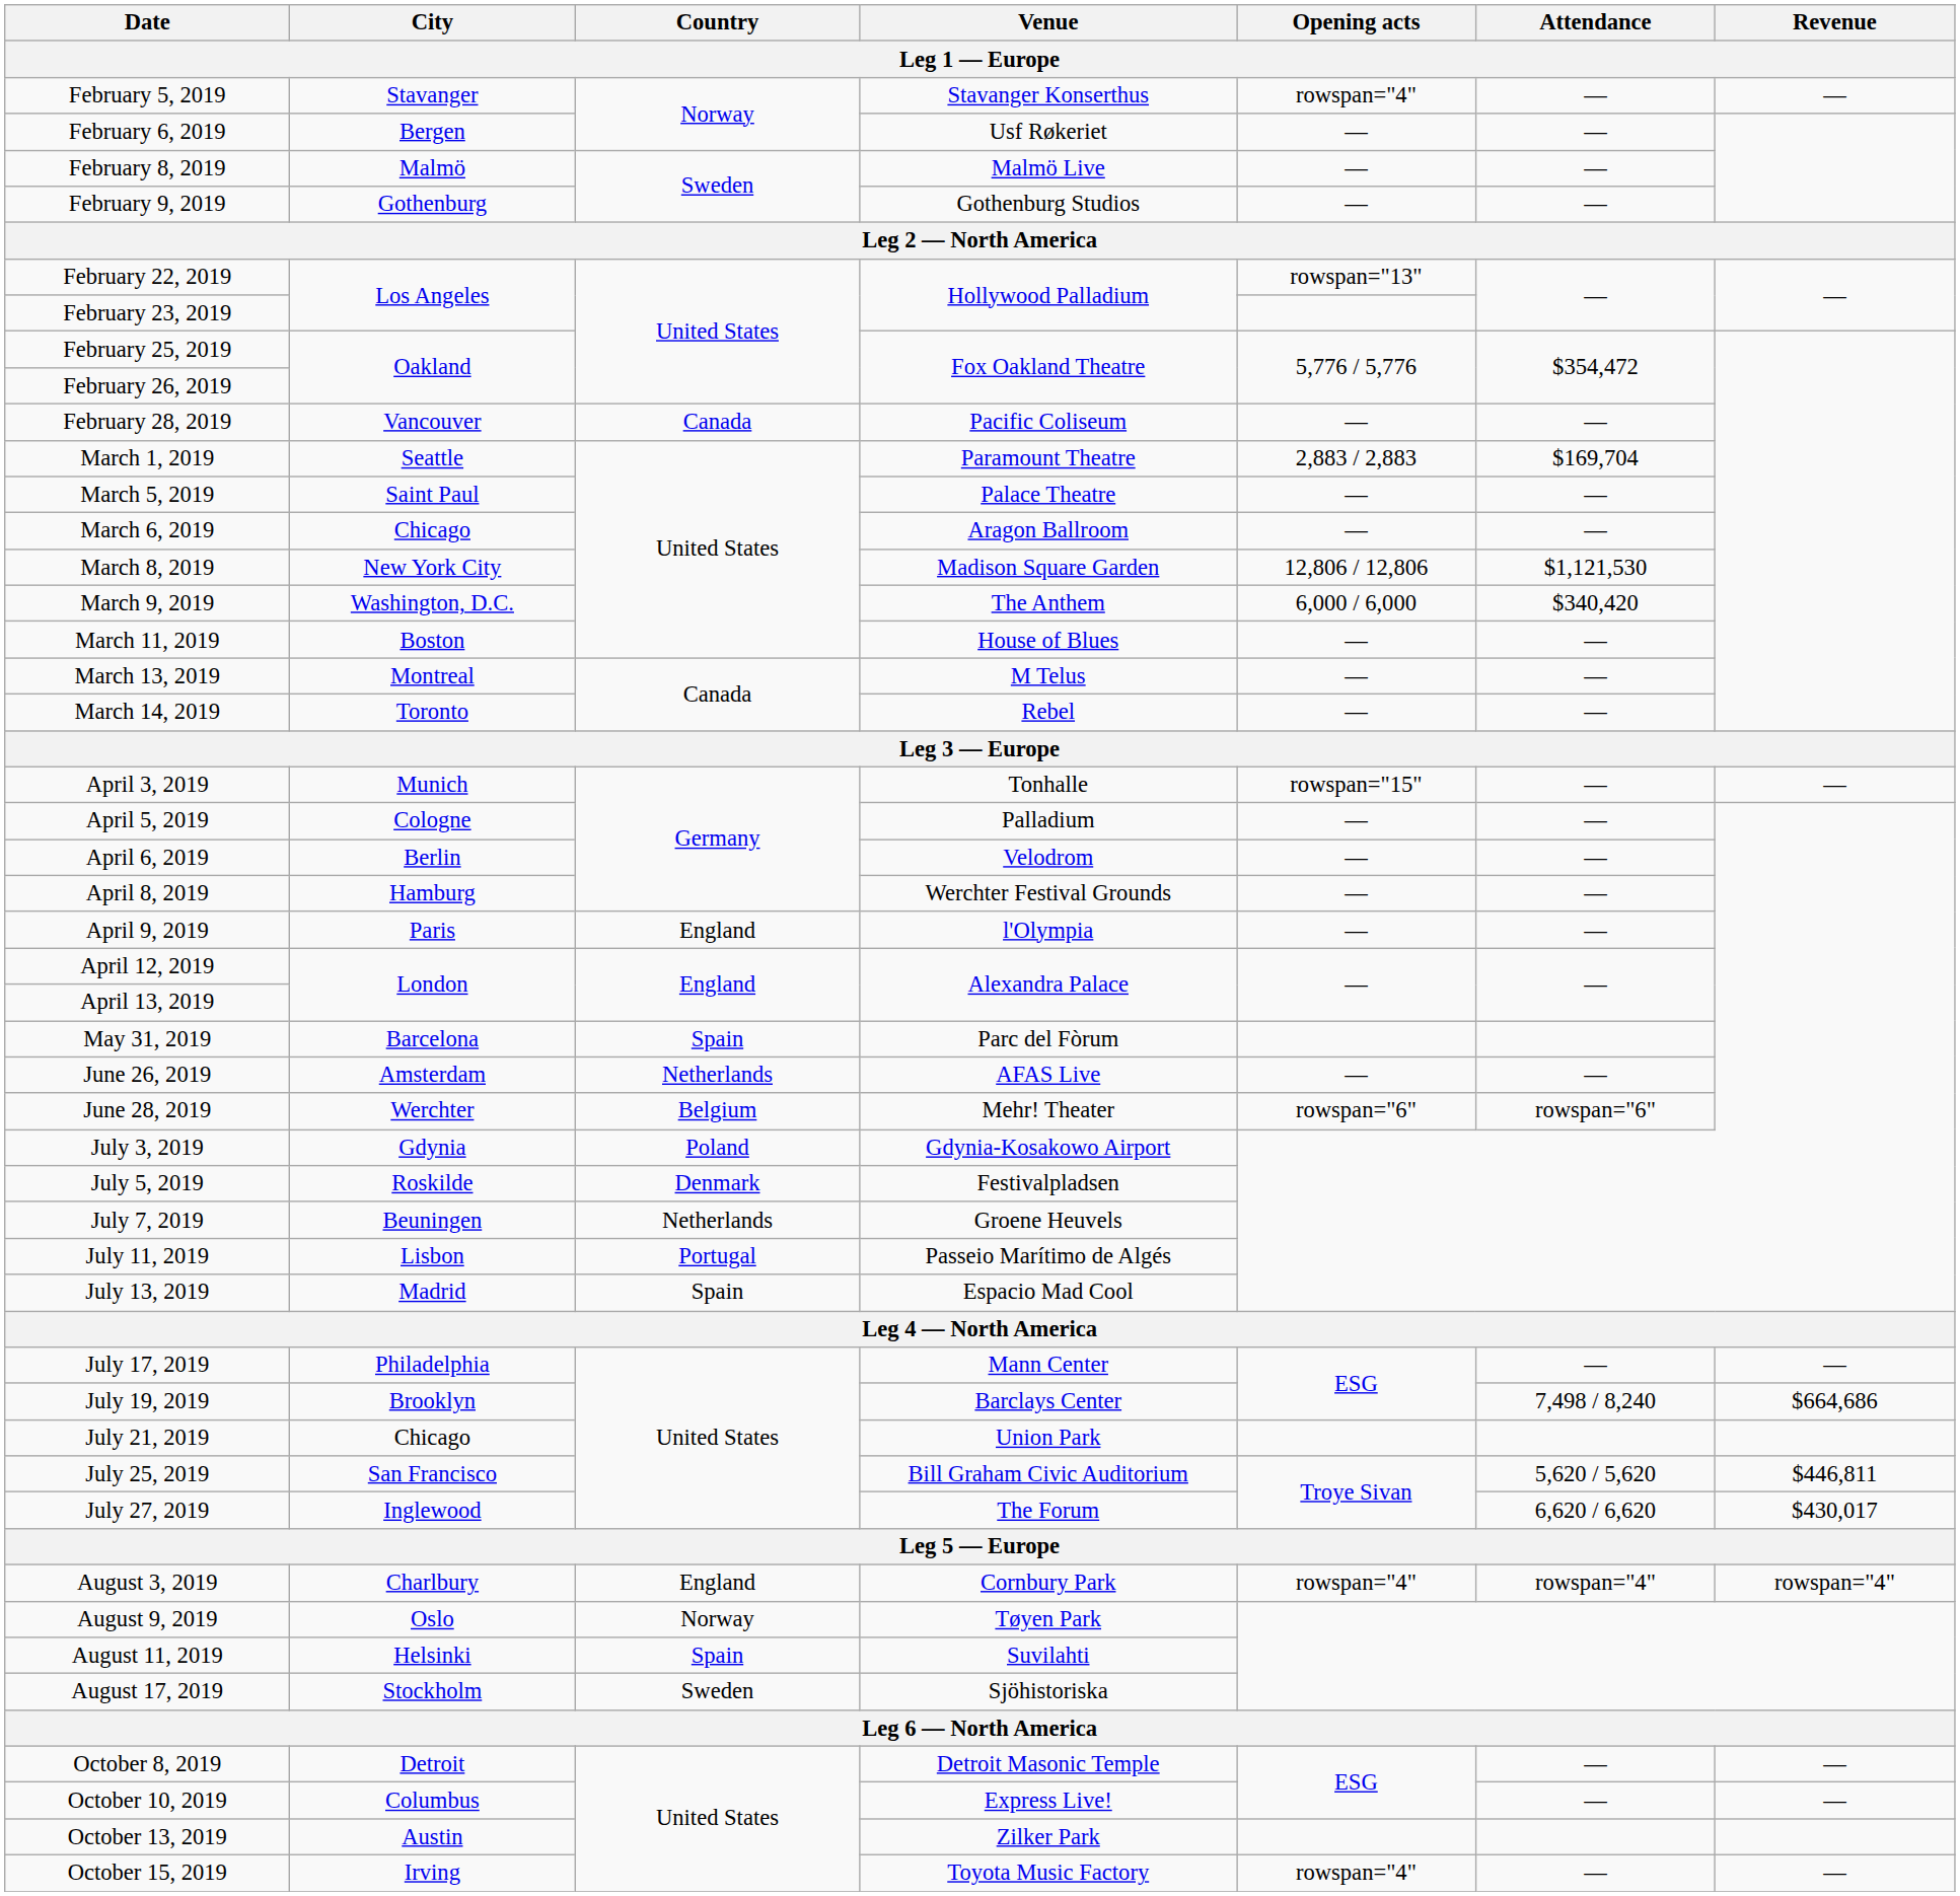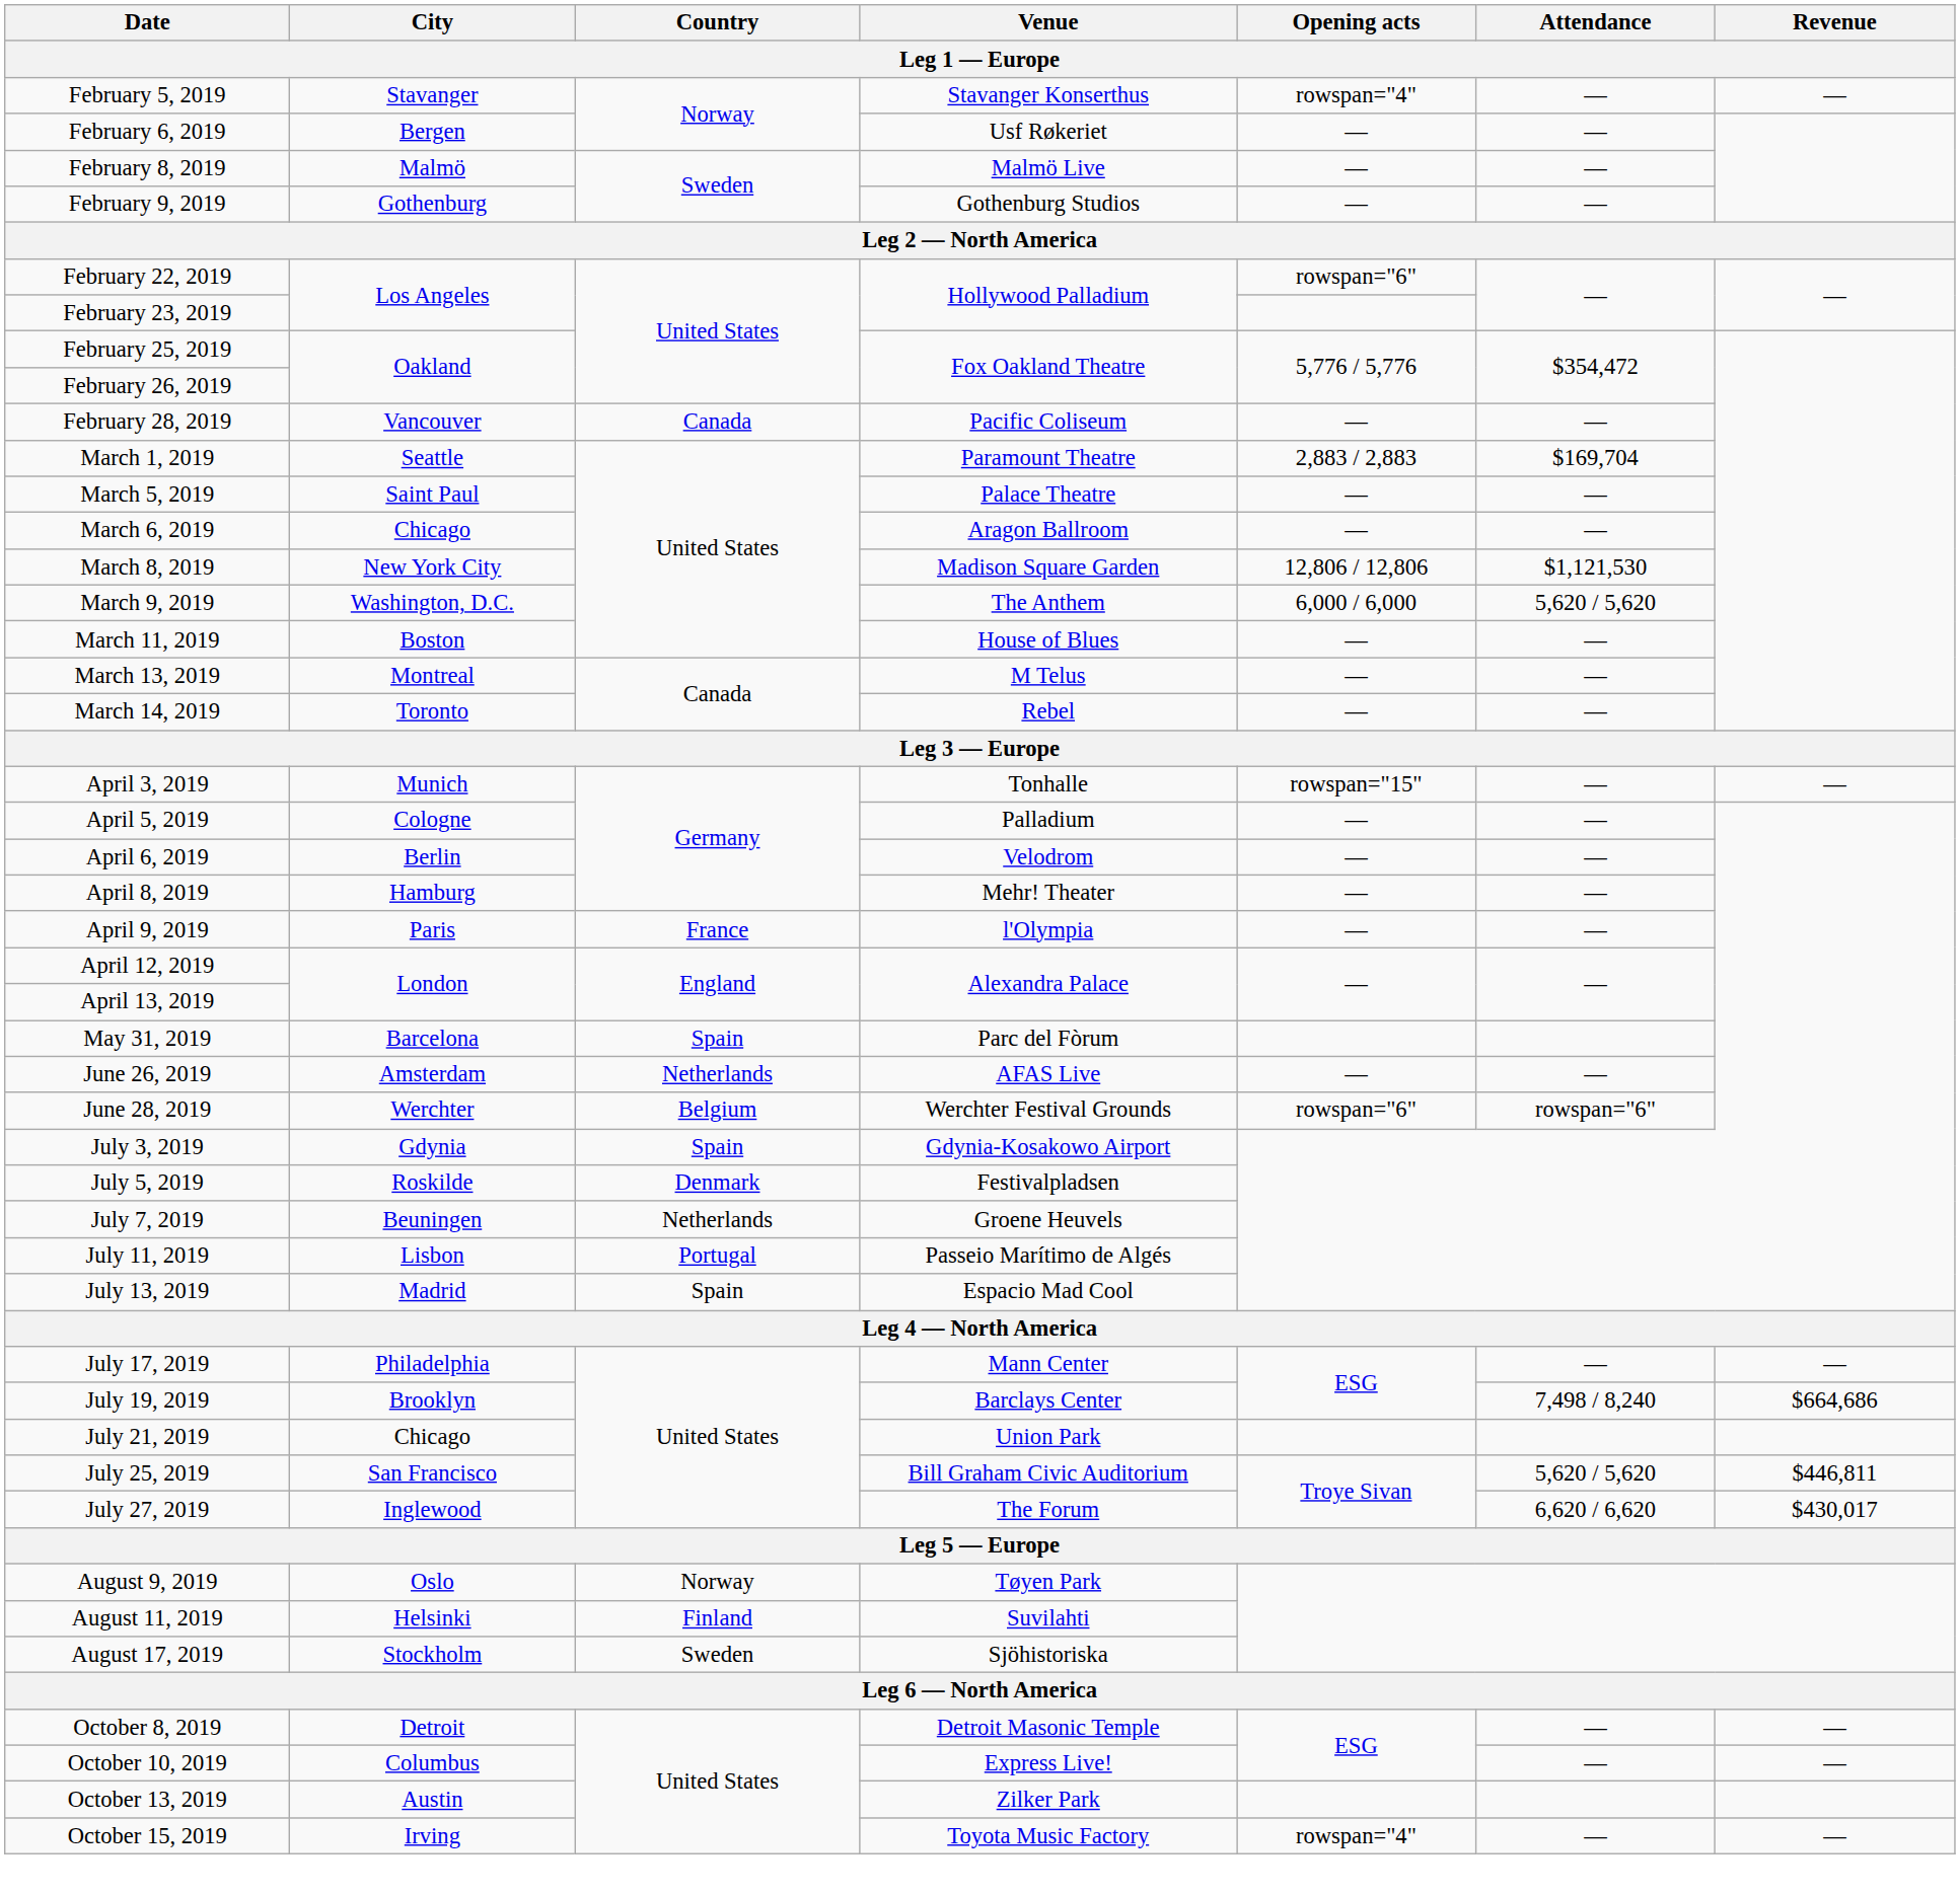 <table class="wikitable plainrowheaders" style="text-align:center;">
 <tr>
 <th scope="col" style="width:12em;">Date</th>
 <th scope="col" style="width:12em;">City</th>
 <th scope="col" style="width:12em;">Country</th>
 <th scope="col" style="width:16em;">Venue</th>
 <th scope="col" style="width:10em;">Opening acts</th>
 <th scope="col" style="width:10em;">Attendance</th>
 <th scope="col" style="width:10em;">Revenue</th>
 </tr>
 <tr>
 <th colspan="7">Leg 1 — Europe</th>
 </tr>
 <tr>
 <td>February 5, 2019</td>
 <td><a href='#'>Stavanger</a></td>
 <td rowspan="2"><a href='#'>Norway</a></td>
 <td><a href='#'>Stavanger Konserthus</a></td>
 <td>rowspan="4" </td>
 <td>—</td>
 <td>—</td>
 </tr>
 <tr>
 <td>February 6, 2019</td>
 <td><a href='#'>Bergen</a></td>
 <td>Usf Røkeriet</td>
 <td>—</td>
 <td>—</td>
 </tr>
 <tr>
 <td>February 8, 2019</td>
 <td><a href='#'>Malmö</a></td>
 <td rowspan="2"><a href='#'>Sweden</a></td>
 <td><a href='#'>Malmö Live</a></td>
 <td>—</td>
 <td>—</td>
 </tr>
 <tr>
 <td>February 9, 2019</td>
 <td><a href='#'>Gothenburg</a></td>
 <td>Gothenburg Studios</td>
 <td>—</td>
 <td>—</td>
 </tr>
 <tr>
 <th colspan="7">Leg 2 — North America</th>
 </tr>
 <tr>
 <td>February 22, 2019</td>
 <td rowspan="2"><a href='#'>Los Angeles</a></td>
 <td rowspan="4"><a href='#'>United States</a></td>
 <td rowspan="2"><a href='#'>Hollywood Palladium</a></td>
-<td>rowspan="13" </td>
+<td>rowspan="6" </td>
 <td rowspan="2">—</td>
 <td rowspan="2">—</td>
 </tr>
 <tr>
 <td>February 23, 2019</td>
 </tr>
 <tr>
 <td>February 25, 2019</td>
 <td rowspan="2"><a href='#'>Oakland</a></td>
 <td rowspan="2"><a href='#'>Fox Oakland Theatre</a></td>
 <td rowspan="2">5,776 / 5,776</td>
 <td rowspan="2">$354,472</td>
 </tr>
 <tr>
 <td>February 26, 2019</td>
 </tr>
 <tr>
 <td>February 28, 2019</td>
 <td><a href='#'>Vancouver</a></td>
 <td><a href='#'>Canada</a></td>
 <td><a href='#'>Pacific Coliseum</a></td>
 <td>—</td>
 <td>—</td>
 </tr>
 <tr>
 <td>March 1, 2019</td>
 <td><a href='#'>Seattle</a></td>
 <td rowspan="6">United States</td>
 <td><a href='#'>Paramount Theatre</a></td>
 <td>2,883 / 2,883</td>
 <td>$169,704</td>
 </tr>
 <tr>
 <td>March 5, 2019</td>
 <td><a href='#'>Saint Paul</a></td>
 <td><a href='#'>Palace Theatre</a></td>
 <td>—</td>
 <td>—</td>
 </tr>
 <tr>
 <td>March 6, 2019</td>
 <td><a href='#'>Chicago</a></td>
 <td><a href='#'>Aragon Ballroom</a></td>
 <td>—</td>
 <td>—</td>
 </tr>
 <tr>
 <td>March 8, 2019</td>
 <td><a href='#'>New York City</a></td>
 <td><a href='#'>Madison Square Garden</a></td>
 <td>12,806 / 12,806</td>
 <td>$1,121,530</td>
 </tr>
 <tr>
 <td>March 9, 2019</td>
 <td><a href='#'>Washington, D.C.</a></td>
 <td><a href='#'>The Anthem</a></td>
 <td>6,000 / 6,000</td>
-<td>$340,420</td>
+<td>5,620 / 5,620</td>
 </tr>
 <tr>
 <td>March 11, 2019</td>
 <td><a href='#'>Boston</a></td>
 <td><a href='#'>House of Blues</a></td>
 <td>—</td>
 <td>—</td>
 </tr>
 <tr>
 <td>March 13, 2019</td>
 <td><a href='#'>Montreal</a></td>
 <td rowspan="2">Canada</td>
 <td><a href='#'>M Telus</a></td>
 <td>—</td>
 <td>—</td>
 </tr>
 <tr>
 <td>March 14, 2019</td>
 <td><a href='#'>Toronto</a></td>
 <td><a href='#'>Rebel</a></td>
 <td>—</td>
 <td>—</td>
 </tr>
 <tr>
 <th colspan="7">Leg 3 — Europe</th>
 </tr>
 <tr>
 <td>April 3, 2019</td>
 <td><a href='#'>Munich</a></td>
 <td rowspan="4"><a href='#'>Germany</a></td>
 <td>Tonhalle</td>
 <td>rowspan="15" </td>
 <td>—</td>
 <td>—</td>
 </tr>
 <tr>
 <td>April 5, 2019</td>
 <td><a href='#'>Cologne</a></td>
 <td>Palladium</td>
 <td>—</td>
 <td>—</td>
 </tr>
 <tr>
 <td>April 6, 2019</td>
 <td><a href='#'>Berlin</a></td>
 <td><a href='#'>Velodrom</a></td>
 <td>—</td>
 <td>—</td>
 </tr>
 <tr>
 <td>April 8, 2019</td>
 <td><a href='#'>Hamburg</a></td>
-<td>Werchter Festival Grounds</td>
+<td>Mehr! Theater</td>
 <td>—</td>
 <td>—</td>
 </tr>
 <tr>
 <td>April 9, 2019</td>
 <td><a href='#'>Paris</a></td>
-<td>England</td>
+<td><a href='#'>France</a></td>
 <td><a href='#'>l'Olympia</a></td>
 <td>—</td>
 <td>—</td>
 </tr>
 <tr>
 <td>April 12, 2019</td>
 <td rowspan="2"><a href='#'>London</a></td>
 <td rowspan="2"><a href='#'>England</a></td>
 <td rowspan="2"><a href='#'>Alexandra Palace</a></td>
 <td rowspan="2">—</td>
 <td rowspan="2">—</td>
 </tr>
 <tr>
 <td>April 13, 2019</td>
 </tr>
 <tr>
 <td>May 31, 2019</td>
 <td><a href='#'>Barcelona</a></td>
 <td><a href='#'>Spain</a></td>
 <td>Parc del Fòrum</td>
 <td></td>
 <td></td>
 </tr>
 <tr>
 <td>June 26, 2019</td>
 <td><a href='#'>Amsterdam</a></td>
 <td><a href='#'>Netherlands</a></td>
 <td><a href='#'>AFAS Live</a></td>
 <td>—</td>
 <td>—</td>
 </tr>
 <tr>
 <td>June 28, 2019</td>
 <td><a href='#'>Werchter</a></td>
 <td><a href='#'>Belgium</a></td>
-<td>Mehr! Theater</td>
+<td>Werchter Festival Grounds</td>
 <td>rowspan="6" </td>
 <td>rowspan="6" </td>
 </tr>
 <tr>
 <td>July 3, 2019</td>
 <td><a href='#'>Gdynia</a></td>
-<td><a href='#'>Poland</a></td>
+<td><a href='#'>Spain</a></td>
 <td><a href='#'>Gdynia-Kosakowo Airport</a></td>
 </tr>
 <tr>
 <td>July 5, 2019</td>
 <td><a href='#'>Roskilde</a></td>
 <td><a href='#'>Denmark</a></td>
 <td>Festivalpladsen</td>
 </tr>
 <tr>
 <td>July 7, 2019</td>
 <td><a href='#'>Beuningen</a></td>
 <td>Netherlands</td>
 <td>Groene Heuvels</td>
 </tr>
 <tr>
 <td>July 11, 2019</td>
 <td><a href='#'>Lisbon</a></td>
 <td><a href='#'>Portugal</a></td>
 <td>Passeio Marítimo de Algés</td>
 </tr>
 <tr>
 <td>July 13, 2019</td>
 <td><a href='#'>Madrid</a></td>
 <td>Spain</td>
 <td>Espacio Mad Cool</td>
 </tr>
 <tr>
 <th colspan="7">Leg 4 — North America</th>
 </tr>
 <tr>
 <td>July 17, 2019</td>
 <td><a href='#'>Philadelphia</a></td>
 <td rowspan="5">United States</td>
 <td><a href='#'>Mann Center</a></td>
 <td rowspan="2"><a href='#'>ESG</a></td>
 <td>—</td>
 <td>—</td>
 </tr>
 <tr>
 <td>July 19, 2019</td>
 <td><a href='#'>Brooklyn</a></td>
 <td><a href='#'>Barclays Center</a></td>
 <td>7,498 / 8,240</td>
 <td>$664,686</td>
 </tr>
 <tr>
 <td>July 21, 2019</td>
 <td>Chicago</td>
 <td><a href='#'>Union Park</a></td>
 <td></td>
 <td></td>
 <td></td>
 </tr>
 <tr>
 <td>July 25, 2019</td>
 <td><a href='#'>San Francisco</a></td>
 <td><a href='#'>Bill Graham Civic Auditorium</a></td>
 <td rowspan="2"><a href='#'>Troye Sivan</a></td>
 <td>5,620 / 5,620</td>
 <td>$446,811</td>
 </tr>
 <tr>
 <td>July 27, 2019</td>
 <td><a href='#'>Inglewood</a></td>
 <td><a href='#'>The Forum</a></td>
 <td>6,620 / 6,620</td>
 <td>$430,017</td>
 </tr>
 <tr>
 <th colspan="7">Leg 5 — Europe</th>
 </tr>
 <tr>
-<td>August 3, 2019</td>
-<td><a href='#'>Charlbury</a></td>
-<td>England</td>
-<td><a href='#'>Cornbury Park</a></td>
-<td>rowspan="4" </td>
-<td>rowspan="4" </td>
-<td>rowspan="4" </td>
-</tr>
-<tr>
 <td>August 9, 2019</td>
 <td><a href='#'>Oslo</a></td>
 <td>Norway</td>
 <td><a href='#'>Tøyen Park</a></td>
 </tr>
 <tr>
 <td>August 11, 2019</td>
 <td><a href='#'>Helsinki</a></td>
-<td><a href='#'>Spain</a></td>
+<td><a href='#'>Finland</a></td>
 <td><a href='#'>Suvilahti</a></td>
 </tr>
 <tr>
 <td>August 17, 2019</td>
 <td><a href='#'>Stockholm</a></td>
 <td>Sweden</td>
 <td>Sjöhistoriska</td>
 </tr>
 <tr>
 <th colspan="7">Leg 6 — North America</th>
 </tr>
 <tr>
 <td>October 8, 2019</td>
 <td><a href='#'>Detroit</a></td>
 <td rowspan="4">United States</td>
 <td><a href='#'>Detroit Masonic Temple</a></td>
 <td rowspan="2"><a href='#'>ESG</a></td>
 <td>—</td>
 <td>—</td>
 </tr>
 <tr>
 <td>October 10, 2019</td>
 <td><a href='#'>Columbus</a></td>
 <td><a href='#'>Express Live!</a></td>
 <td>—</td>
 <td>—</td>
 </tr>
 <tr>
 <td>October 13, 2019</td>
 <td><a href='#'>Austin</a></td>
 <td><a href='#'>Zilker Park</a></td>
 <td></td>
 <td></td>
 <td></td>
 </tr>
 <tr>
 <td>October 15, 2019</td>
 <td><a href='#'>Irving</a></td>
 <td><a href='#'>Toyota Music Factory</a></td>
 <td>rowspan="4" </td>
 <td>—</td>
 <td>—</td>
 </tr>
 </table>
